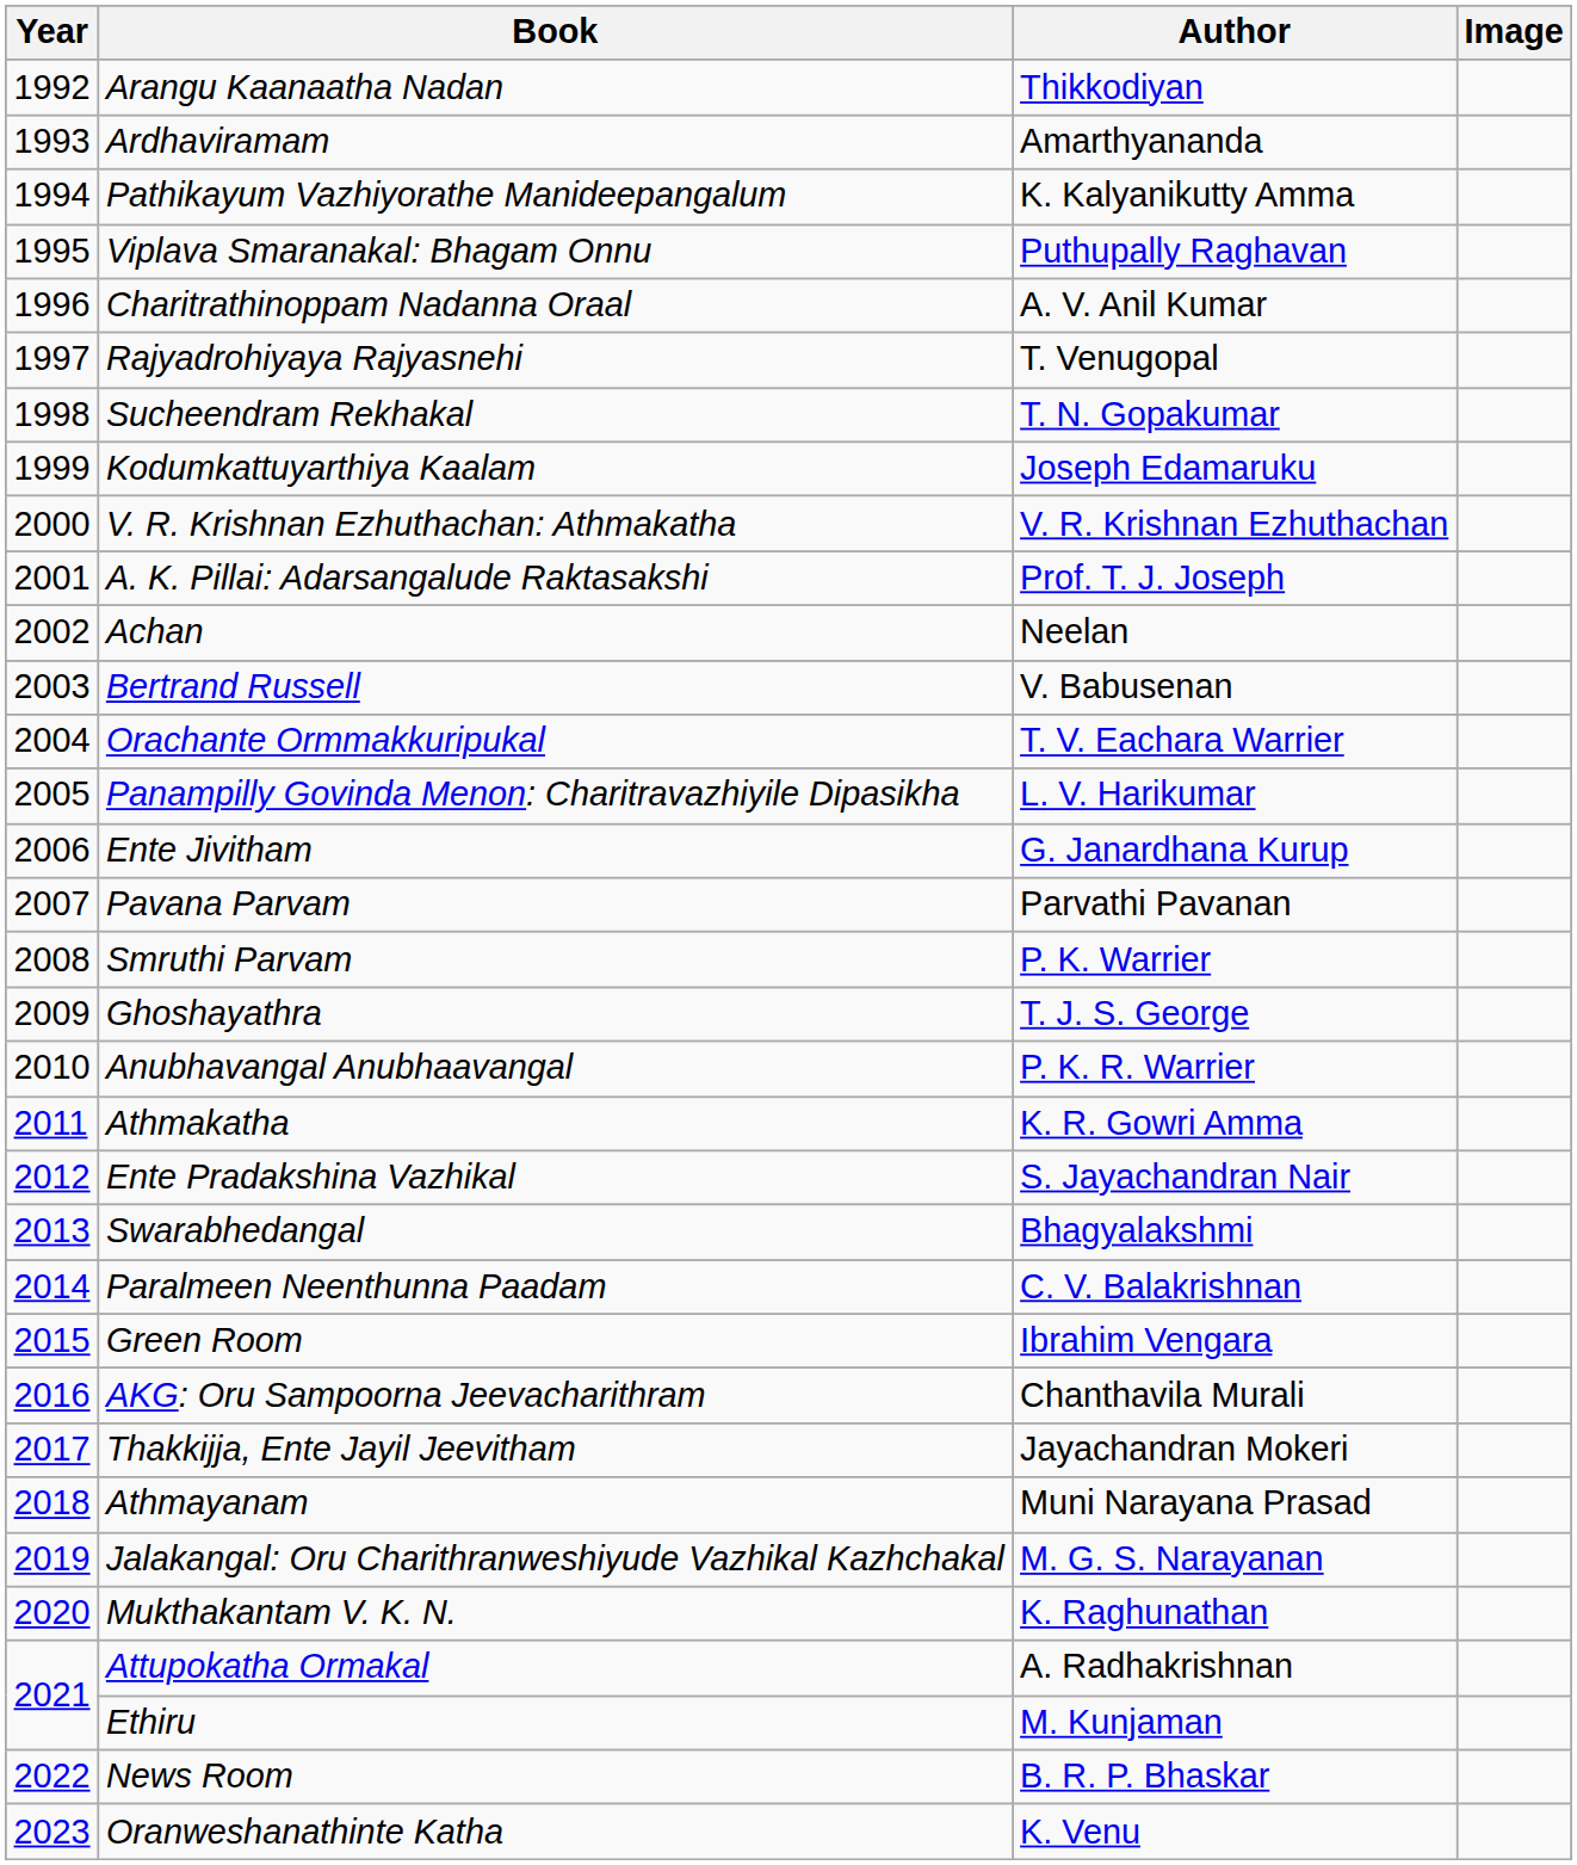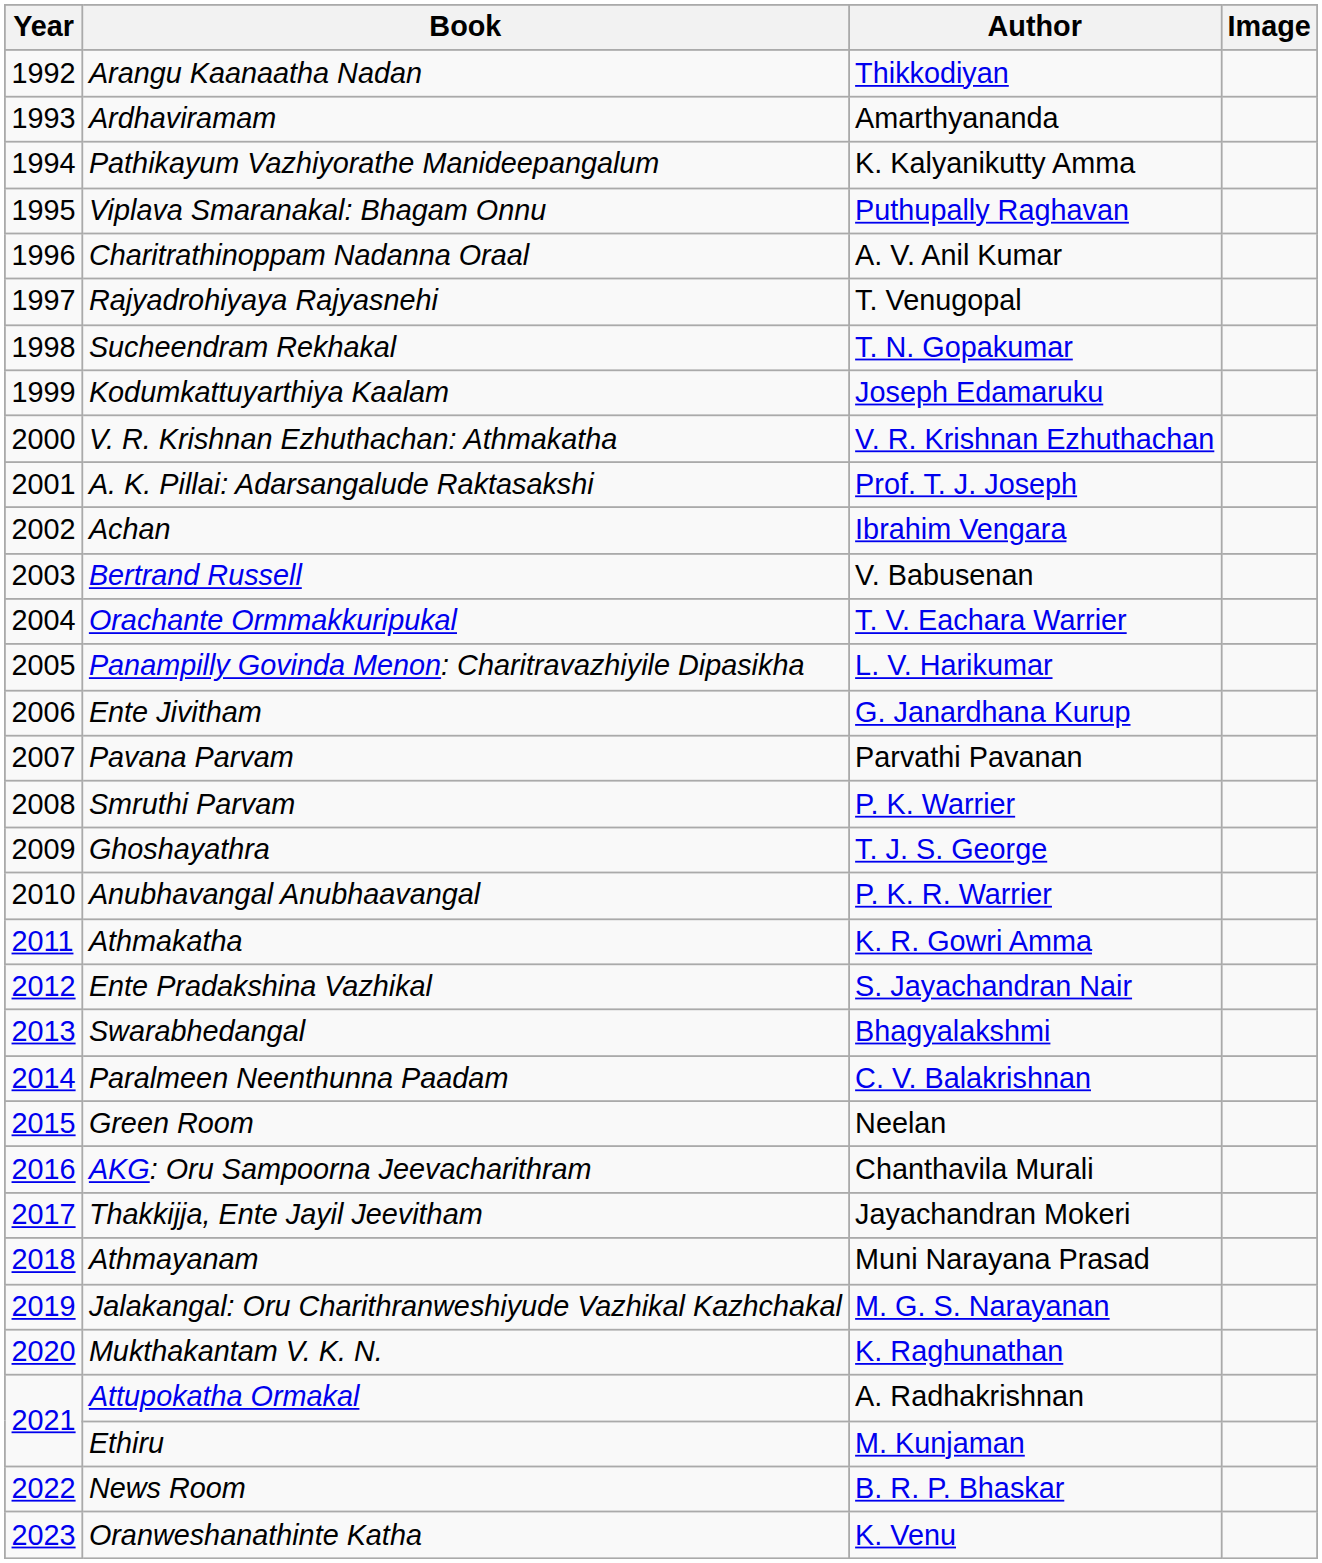 <table class="wikitable sortable">
 <tr>
 <th>Year</th>
 <th>Book</th>
 <th>Author</th>
 <th>Image</th>
 </tr>
 <tr>
 <td>1992</td>
 <td><em>Arangu Kaanaatha Nadan</em></td>
 <td><a href='#'>Thikkodiyan</a></td>
 <td></td>
 </tr>
 <tr>
 <td>1993</td>
 <td><em>Ardhaviramam</em></td>
 <td>Amarthyananda</td>
 <td></td>
 </tr>
 <tr>
 <td>1994</td>
 <td><em>Pathikayum Vazhiyorathe Manideepangalum</em></td>
 <td>K. Kalyanikutty Amma</td>
 <td></td>
 </tr>
 <tr>
 <td>1995</td>
 <td><em>Viplava Smaranakal: Bhagam Onnu</em></td>
 <td><a href='#'>Puthupally Raghavan</a></td>
 <td></td>
 </tr>
 <tr>
 <td>1996</td>
 <td><em>Charitrathinoppam Nadanna Oraal</em></td>
 <td>A. V. Anil Kumar</td>
 <td></td>
 </tr>
 <tr>
 <td>1997</td>
 <td><em>Rajyadrohiyaya Rajyasnehi</em></td>
 <td>T. Venugopal</td>
 <td></td>
 </tr>
 <tr>
 <td>1998</td>
 <td><em>Sucheendram Rekhakal</em></td>
 <td><a href='#'>T. N. Gopakumar</a></td>
 <td></td>
 </tr>
 <tr>
 <td>1999</td>
 <td><em>Kodumkattuyarthiya Kaalam</em></td>
 <td><a href='#'>Joseph Edamaruku</a></td>
 <td></td>
 </tr>
 <tr>
 <td>2000</td>
 <td><em>V. R. Krishnan Ezhuthachan: Athmakatha</em></td>
 <td><a href='#'>V. R. Krishnan Ezhuthachan</a></td>
 <td></td>
 </tr>
 <tr>
 <td>2001</td>
 <td><em>A. K. Pillai: Adarsangalude Raktasakshi</em></td>
 <td><a href='#'>Prof. T. J. Joseph</a></td>
 <td></td>
 </tr>
 <tr>
 <td>2002</td>
 <td><em>Achan</em></td>
-<td>Neelan</td>
+<td><a href='#'>Ibrahim Vengara</a></td>
 <td></td>
 </tr>
 <tr>
 <td>2003</td>
 <td><em><a href='#'>Bertrand Russell</a></em></td>
 <td>V. Babusenan</td>
 <td></td>
 </tr>
 <tr>
 <td>2004</td>
 <td><a href='#'><em>Orachante Ormmakkuripukal</em></a></td>
 <td><a href='#'>T. V. Eachara Warrier</a></td>
 <td></td>
 </tr>
 <tr>
 <td>2005</td>
 <td><em><a href='#'>Panampilly Govinda Menon</a>: Charitravazhiyile Dipasikha</em></td>
 <td><a href='#'>L. V. Harikumar</a></td>
 <td></td>
 </tr>
 <tr>
 <td>2006</td>
 <td><em>Ente Jivitham</em></td>
 <td><a href='#'>G. Janardhana Kurup</a></td>
 <td></td>
 </tr>
 <tr>
 <td>2007</td>
 <td><em>Pavana Parvam</em></td>
 <td>Parvathi Pavanan</td>
 <td></td>
 </tr>
 <tr>
 <td>2008</td>
 <td><em>Smruthi Parvam</em></td>
 <td><a href='#'>P. K. Warrier</a></td>
 <td></td>
 </tr>
 <tr>
 <td>2009</td>
 <td><em>Ghoshayathra</em></td>
 <td><a href='#'>T. J.  S. George</a></td>
 <td></td>
 </tr>
 <tr>
 <td>2010</td>
 <td><em>Anubhavangal Anubhaavangal</em></td>
 <td><a href='#'>P. K. R. Warrier</a></td>
 <td></td>
 </tr>
 <tr>
 <td><a href='#'>2011</a></td>
 <td><em>Athmakatha</em></td>
 <td><a href='#'>K. R. Gowri Amma</a></td>
 <td></td>
 </tr>
 <tr>
 <td><a href='#'>2012</a></td>
 <td><em>Ente Pradakshina Vazhikal</em></td>
 <td><a href='#'>S. Jayachandran Nair</a></td>
 <td></td>
 </tr>
 <tr>
 <td><a href='#'>2013</a></td>
 <td><em>Swarabhedangal</em></td>
 <td><a href='#'>Bhagyalakshmi</a></td>
 <td></td>
 </tr>
 <tr>
 <td><a href='#'>2014</a></td>
 <td><em>Paralmeen Neenthunna Paadam</em></td>
 <td><a href='#'>C. V. Balakrishnan</a></td>
 <td></td>
 </tr>
 <tr>
 <td><a href='#'>2015</a></td>
 <td><em>Green Room</em></td>
-<td><a href='#'>Ibrahim Vengara</a></td>
+<td>Neelan</td>
 <td></td>
 </tr>
 <tr>
 <td><a href='#'>2016</a></td>
 <td><em><a href='#'>AKG</a>: Oru Sampoorna Jeevacharithram</em></td>
 <td>Chanthavila Murali</td>
 <td></td>
 </tr>
 <tr>
 <td><a href='#'>2017</a></td>
 <td><em>Thakkijja, Ente Jayil Jeevitham</em></td>
 <td>Jayachandran Mokeri</td>
 <td></td>
 </tr>
 <tr>
 <td><a href='#'>2018</a></td>
 <td><em>Athmayanam</em></td>
 <td>Muni Narayana Prasad</td>
 <td></td>
 </tr>
 <tr>
 <td><a href='#'>2019</a></td>
 <td><em>Jalakangal: Oru Charithranweshiyude Vazhikal Kazhchakal</em></td>
 <td><a href='#'>M. G. S. Narayanan</a></td>
 <td></td>
 </tr>
 <tr>
 <td><a href='#'>2020</a></td>
 <td><em>Mukthakantam V. K. N.</em></td>
 <td><a href='#'>K. Raghunathan</a></td>
 <td></td>
 </tr>
 <tr>
 <td rowspan=2><a href='#'>2021</a></td>
 <td><em><a href='#'>Attupokatha Ormakal</a></em></td>
 <td>A. Radhakrishnan</td>
 <td></td>
 </tr>
 <tr>
 <td><em>Ethiru</em></td>
 <td><a href='#'>M. Kunjaman</a></td>
 <td></td>
 </tr>
 <tr>
 <td><a href='#'>2022</a></td>
 <td><em>News Room</em></td>
 <td><a href='#'>B. R. P. Bhaskar</a></td>
 <td></td>
 </tr>
 <tr>
 <td><a href='#'>2023</a></td>
 <td><em>Oranweshanathinte Katha</em></td>
 <td><a href='#'>K. Venu</a></td>
 <td></td>
 </tr>
 </table>
